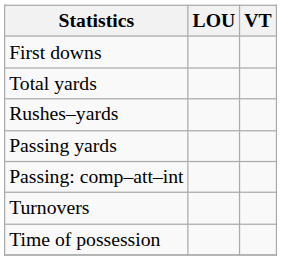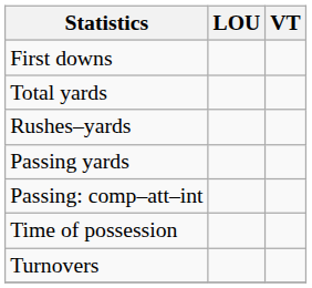 <table class="wikitable" style="float: left;">
 <tr>
 <th>Statistics</th>
 <th>LOU</th>
 <th>VT</th>
 </tr>
 <tr>
 <td>First downs</td>
 <td></td>
 <td></td>
 </tr>
 <tr>
 <td>Total yards</td>
 <td></td>
 <td></td>
 </tr>
 <tr>
 <td>Rushes–yards</td>
 <td></td>
 <td></td>
 </tr>
 <tr>
 <td>Passing yards</td>
 <td></td>
 <td></td>
 </tr>
 <tr>
 <td>Passing: comp–att–int</td>
 <td></td>
 <td></td>
 </tr>
 <tr>
-<td>Turnovers</td>
+<td>Time of possession</td>
 <td></td>
 <td></td>
 </tr>
 <tr>
-<td>Time of possession</td>
+<td>Turnovers</td>
 <td></td>
 <td></td>
 </tr>
 <tr>
 </tr>
 </table>
